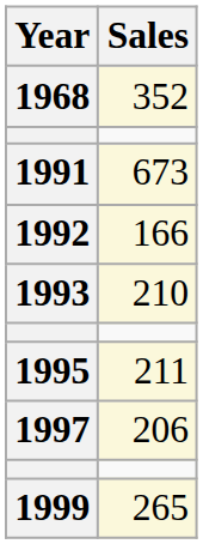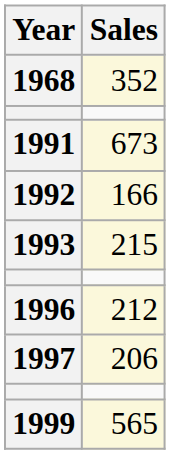 <table class="wikitable" style="text-align: right; display:inline-table">
 <tr>
 <th>Year</th>
 <th>Sales</th>
 </tr>
 <tr>
 <th>1968</th>
 <td style="background:#fbf8db;">352</td>
 </tr>
 <tr>
 <th></th>
 <td></td>
 </tr>
 <tr>
 <th>1991</th>
 <td style="background:#fbf8db;">673</td>
 </tr>
 <tr>
 <th>1992</th>
 <td style="background:#fbf8db;">166</td>
 </tr>
 <tr>
 <th>1993</th>
-<td style="background:#fbf8db;">210</td>
+<td style="background:#fbf8db;">215</td>
 </tr>
 <tr>
 <th></th>
 <td></td>
 </tr>
 <tr>
-<th>1995</th>
-<td style="background:#fbf8db;">211</td>
+<th>1996</th>
+<td style="background:#fbf8db;">212</td>
 </tr>
 <tr>
 <th>1997</th>
 <td style="background:#fbf8db;">206</td>
 </tr>
 <tr>
 <th></th>
 <td></td>
 </tr>
 <tr>
 <th>1999</th>
-<td style="background:#fbf8db;">265</td>
+<td style="background:#fbf8db;">565</td>
 </tr>
 </table>
